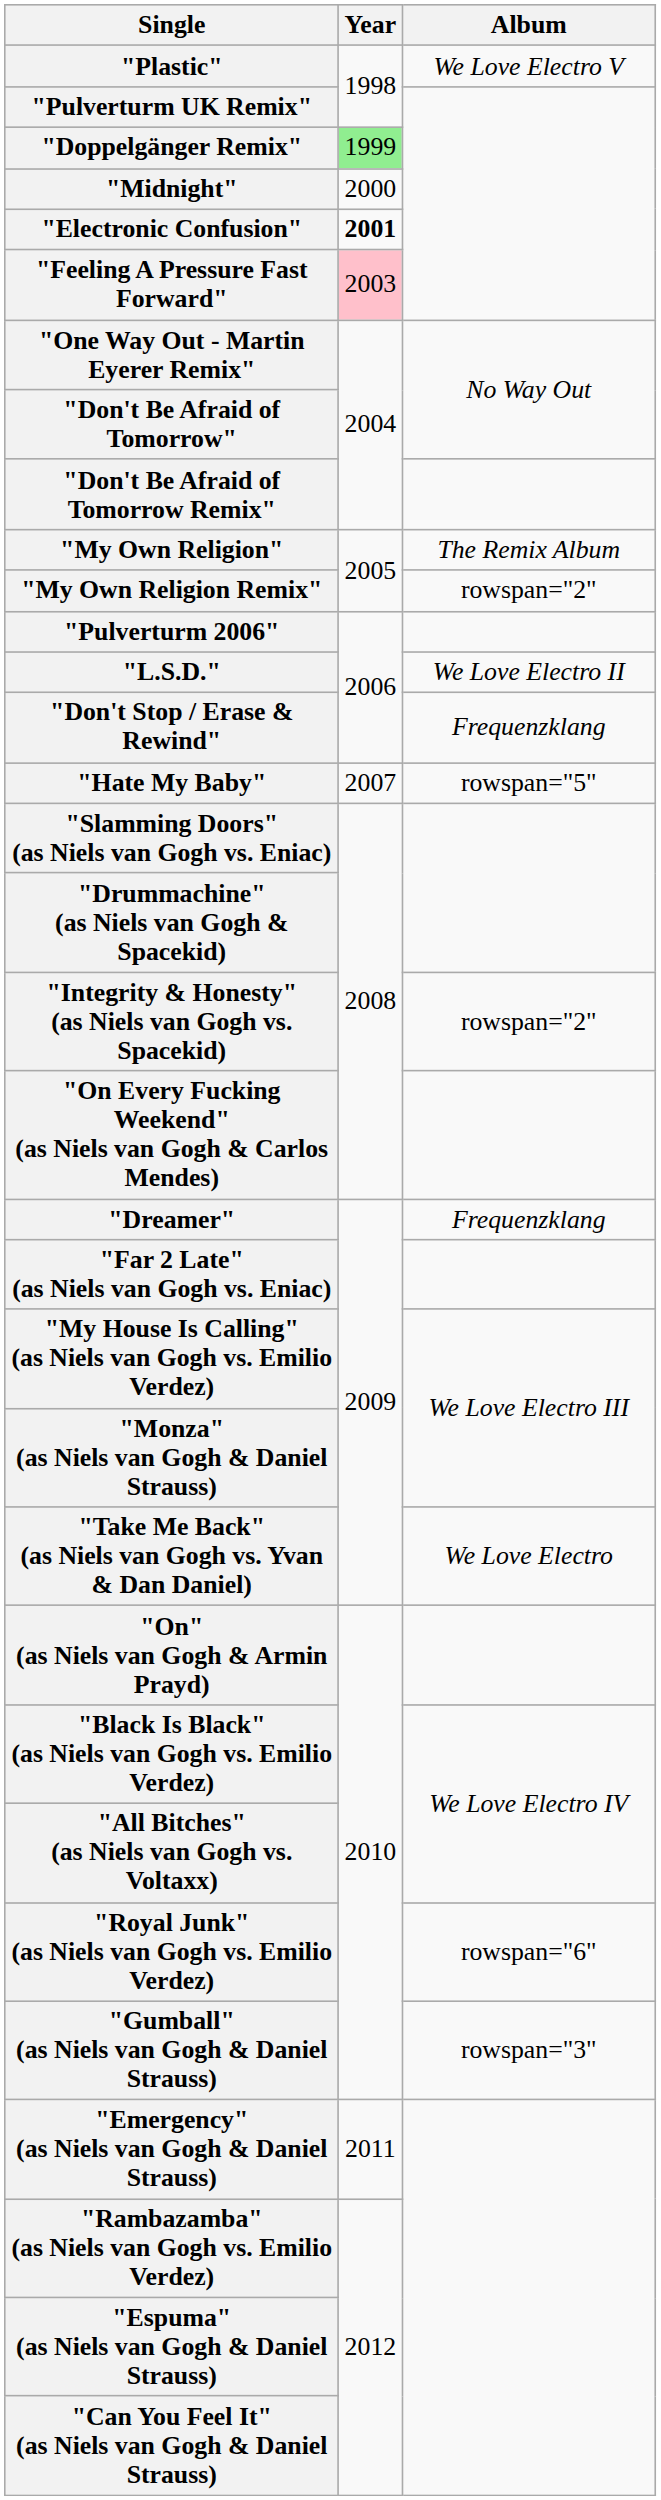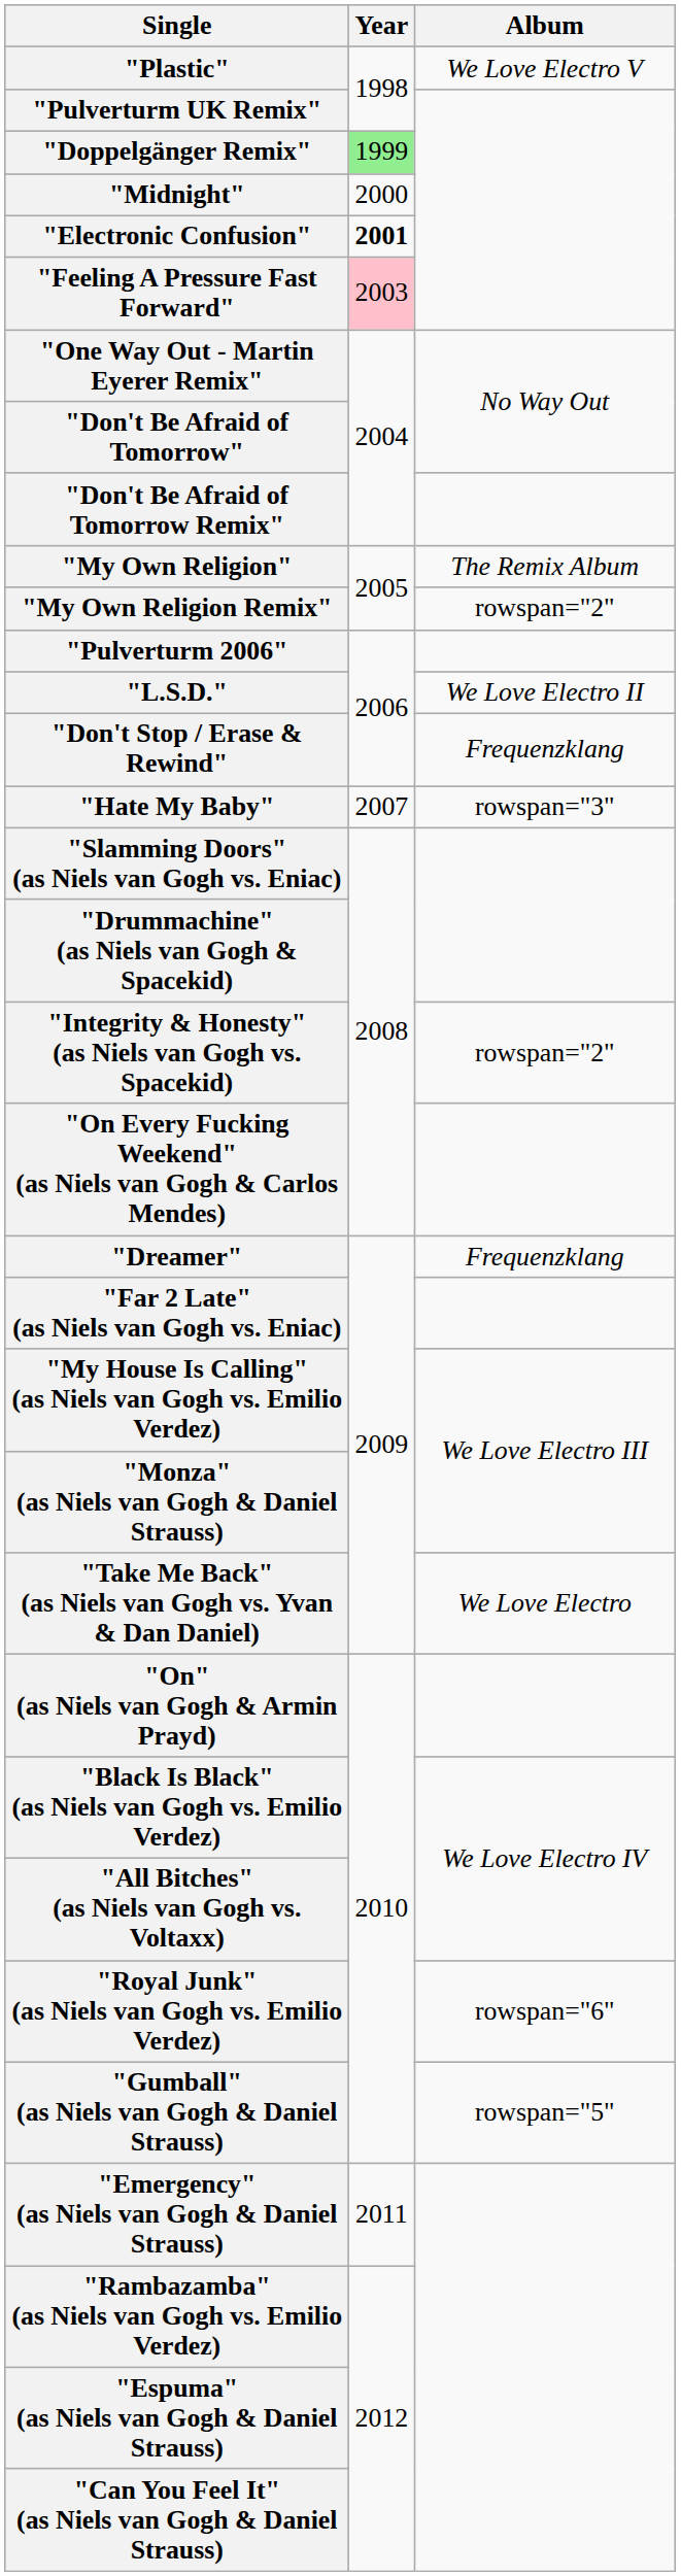 <table class="wikitable plainrowheaders" style="text-align:center;">
 <tr>
 <th style="width:200px;">Single</th>
 <th>Year</th>
 <th style="width:150px;">Album</th>
 </tr>
 <tr>
 <th scope="row">"Plastic"</th>
 <td rowspan="2">1998</td>
 <td><em>We Love Electro V</em></td>
 </tr>
 <tr>
 <th scope="row">"Pulverturm UK Remix"</th>
 </tr>
 <tr>
 <th scope="row">"Doppelgänger Remix"</th>
 <td style="background: lightgreen;">1999</td>
 </tr>
 <tr>
 <th scope="row">"Midnight"</th>
 <td>2000</td>
 </tr>
 <tr>
 <th scope="row">"Electronic Confusion"</th>
 <td><strong>2001</strong></td>
 </tr>
 <tr>
 <th scope="row">"Feeling A Pressure Fast Forward"</th>
 <td style="background: pink;">2003</td>
 </tr>
 <tr>
 <th scope="row">"One Way Out - Martin Eyerer Remix"</th>
 <td rowspan="3">2004</td>
 <td rowspan="2"><em>No Way Out</em></td>
 </tr>
 <tr>
 <th scope="row">"Don't Be Afraid of Tomorrow"</th>
 </tr>
 <tr>
 <th scope="row">"Don't Be Afraid of Tomorrow Remix"</th>
 <td></td>
 </tr>
 <tr>
 <th scope="row">"My Own Religion"</th>
 <td rowspan="2">2005</td>
 <td><em>The Remix Album</em></td>
 </tr>
 <tr>
 <th scope="row">"My Own Religion Remix"</th>
 <td>rowspan="2" </td>
 </tr>
 <tr>
 <th scope="row">"Pulverturm 2006"</th>
 <td rowspan="3">2006</td>
 </tr>
 <tr>
 <th scope="row">"L.S.D."</th>
 <td><em>We Love Electro II</em></td>
 </tr>
 <tr>
 <th scope="row">"Don't Stop / Erase & Rewind"</th>
 <td><em>Frequenzklang</em></td>
 </tr>
 <tr>
 <th scope="row">"Hate My Baby"</th>
 <td>2007</td>
-<td>rowspan="5" </td>
+<td>rowspan="3" </td>
 </tr>
 <tr>
 <th scope="row">"Slamming Doors"<br><span>(as Niels van Gogh vs. Eniac)</span></th>
 <td rowspan="4">2008</td>
 </tr>
 <tr>
 <th scope="row">"Drummachine"<br><span>(as Niels van Gogh & Spacekid)</span></th>
 </tr>
 <tr>
 <th scope="row">"Integrity & Honesty"<br><span>(as Niels van Gogh vs. Spacekid)</span></th>
 <td>rowspan="2" </td>
 </tr>
 <tr>
 <th scope="row">"On Every Fucking Weekend"<br><span>(as Niels van Gogh & Carlos Mendes)</span></th>
 <td></td>
 </tr>
 <tr>
 <th scope="row">"Dreamer"</th>
 <td rowspan="5">2009</td>
 <td><em>Frequenzklang</em></td>
 </tr>
 <tr>
 <th scope="row">"Far 2 Late"<br><span>(as Niels van Gogh vs. Eniac)</span></th>
 <td></td>
 </tr>
 <tr>
 <th scope="row">"My House Is Calling"<br><span>(as Niels van Gogh vs. Emilio Verdez)</span></th>
 <td rowspan="2"><em>We Love Electro III</em></td>
 </tr>
 <tr>
 <th scope="row">"Monza"<br><span>(as Niels van Gogh & Daniel Strauss)</span></th>
 </tr>
 <tr>
 <th scope="row">"Take Me Back"<br><span>(as Niels van Gogh vs. Yvan & Dan Daniel)</span></th>
 <td><em>We Love Electro</em></td>
 </tr>
 <tr>
 <th scope="row">"On"<br><span>(as Niels van Gogh & Armin Prayd)</span></th>
 <td rowspan="5">2010</td>
 </tr>
 <tr>
 <th scope="row">"Black Is Black"<br><span>(as Niels van Gogh vs. Emilio Verdez)</span></th>
 <td rowspan="2"><em>We Love Electro IV</em></td>
 </tr>
 <tr>
 <th scope="row">"All Bitches"<br><span>(as Niels van Gogh vs. Voltaxx)</span></th>
 </tr>
 <tr>
 <th scope="row">"Royal Junk"<br><span>(as Niels van Gogh vs. Emilio Verdez)</span></th>
 <td>rowspan="6" </td>
 </tr>
 <tr>
 <th scope="row">"Gumball"<br><span>(as Niels van Gogh & Daniel Strauss)</span></th>
-<td>rowspan="3" </td>
+<td>rowspan="5" </td>
 </tr>
 <tr>
 <th scope="row">"Emergency"<br><span>(as Niels van Gogh & Daniel Strauss)</span></th>
 <td>2011</td>
 </tr>
 <tr>
 <th scope="row">"Rambazamba"<br><span>(as Niels van Gogh vs. Emilio Verdez)</span></th>
 <td rowspan="3">2012</td>
 </tr>
 <tr>
 <th scope="row">"Espuma"<br><span>(as Niels van Gogh & Daniel Strauss)</span></th>
 </tr>
 <tr>
 <th scope="row">"Can You Feel It"<br><span>(as Niels van Gogh & Daniel Strauss)</span></th>
 </tr>
 </table>
